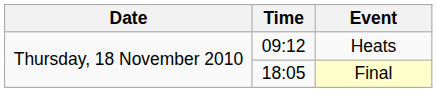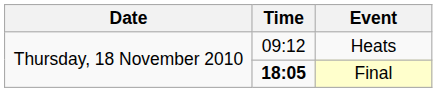 <table class = "wikitable" style="text-align:center;">
 <tr>
 <th width=220>Date</th>
 <th width=50>Time</th>
 <th width=100>Event</th>
 </tr>
 <tr>
 <td rowspan=2>Thursday, 18 November 2010</td>
 <td>09:12</td>
 <td>Heats</td>
 </tr>
 <tr>
-<td>18:05</td>
+<td><strong>18:05</strong></td>
 <td bgcolor=ffffcc>Final</td>
 </tr>
 </table>
